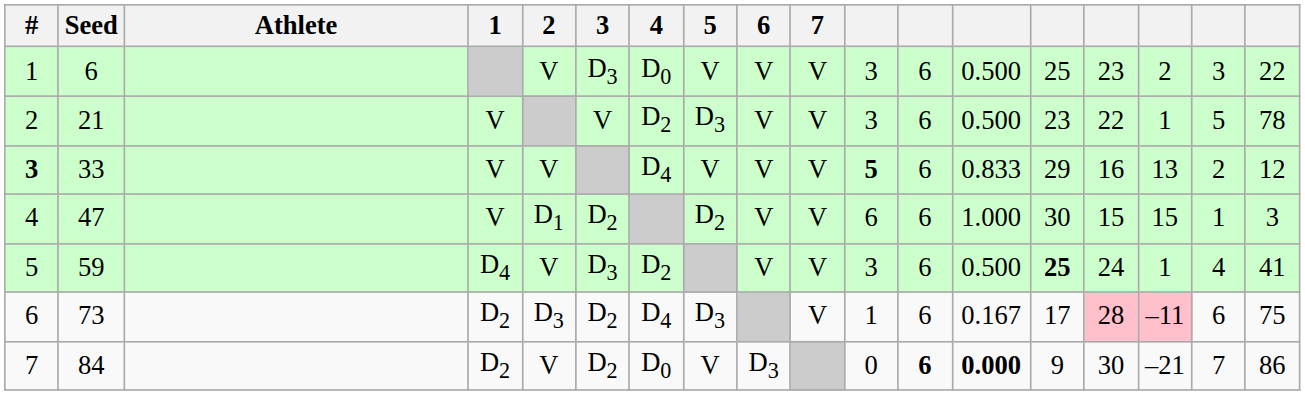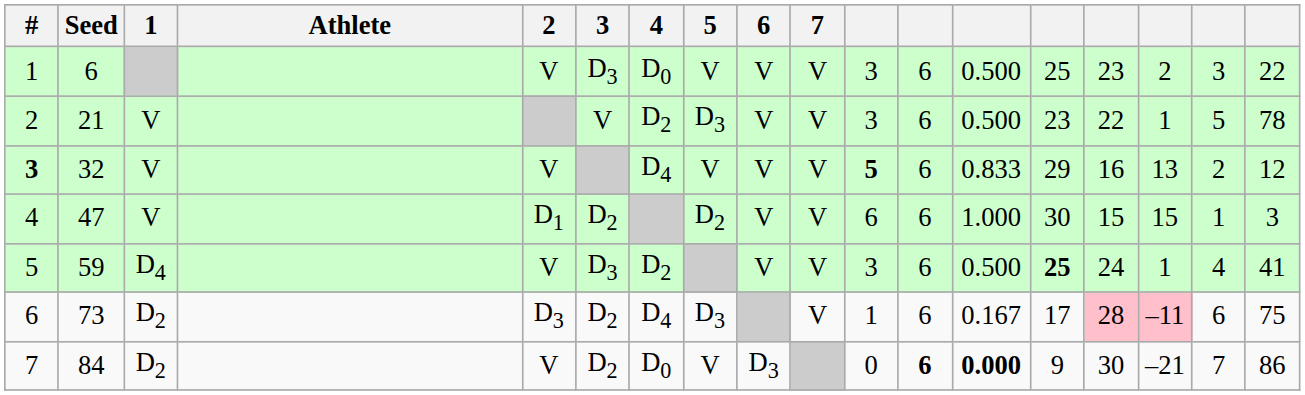 <table class="wikitable" style="text-align:center">
 <tr>
 <th width="25">#</th>
 <th width="25">Seed</th>
+<th width="25">1</th>
 <th width="200">Athlete</th>
-<th width="25">1</th>
 <th width="25">2</th>
 <th width="25">3</th>
 <th width="25">4</th>
 <th width="25">5</th>
 <th width="25">6</th>
 <th width="25">7</th>
 <th width="25"></th>
 <th width="25"></th>
 <th width="40"></th>
 <th width="25"></th>
 <th width="25"></th>
 <th width="25"></th>
 <th width="25"></th>
 <th width="25"></th>
 </tr>
 <tr bgcolor="#ccffcc">
 <td>1</td>
 <td>6</td>
+<td bgcolor="#cccccc"></td>
 <td align=left></td>
-<td bgcolor="#cccccc"></td>
 <td>V</td>
 <td>D<sub>3</sub></td>
 <td>D<sub>0</sub></td>
 <td>V</td>
 <td>V</td>
 <td>V</td>
 <td>3</td>
 <td>6</td>
 <td>0.500</td>
 <td>25</td>
 <td>23</td>
 <td>2</td>
 <td>3</td>
 <td>22</td>
 </tr>
 <tr bgcolor="#ccffcc">
 <td>2</td>
 <td>21</td>
+<td>V</td>
 <td align=left></td>
-<td>V</td>
 <td bgcolor="#cccccc"></td>
 <td>V</td>
 <td>D<sub>2</sub></td>
 <td>D<sub>3</sub></td>
 <td>V</td>
 <td>V</td>
 <td>3</td>
 <td>6</td>
 <td>0.500</td>
 <td>23</td>
 <td>22</td>
 <td>1</td>
 <td>5</td>
 <td>78</td>
 </tr>
 <tr bgcolor="#ccffcc">
 <td><strong>3</strong></td>
-<td>33</td>
+<td>32</td>
+<td>V</td>
 <td align=left></td>
-<td>V</td>
 <td>V</td>
 <td bgcolor="#cccccc"></td>
 <td>D<sub>4</sub></td>
 <td>V</td>
 <td>V</td>
 <td>V</td>
 <td><strong>5</strong></td>
 <td>6</td>
 <td>0.833</td>
 <td>29</td>
 <td>16</td>
 <td>13</td>
 <td>2</td>
 <td>12</td>
 </tr>
 <tr bgcolor="#ccffcc">
 <td>4</td>
 <td>47</td>
+<td>V</td>
 <td align=left></td>
-<td>V</td>
 <td>D<sub>1</sub></td>
 <td>D<sub>2</sub></td>
 <td bgcolor="#cccccc"></td>
 <td>D<sub>2</sub></td>
 <td>V</td>
 <td>V</td>
 <td>6</td>
 <td>6</td>
 <td>1.000</td>
 <td>30</td>
 <td>15</td>
 <td>15</td>
 <td>1</td>
 <td>3</td>
 </tr>
 <tr bgcolor="#ccffcc">
 <td>5</td>
 <td>59</td>
+<td>D<sub>4</sub></td>
 <td align=left></td>
-<td>D<sub>4</sub></td>
 <td>V</td>
 <td>D<sub>3</sub></td>
 <td>D<sub>2</sub></td>
 <td bgcolor="#cccccc"></td>
 <td>V</td>
 <td>V</td>
 <td>3</td>
 <td>6</td>
 <td>0.500</td>
 <td><strong>25</strong></td>
 <td>24</td>
 <td>1</td>
 <td>4</td>
 <td>41</td>
 </tr>
 <tr>
 <td>6</td>
 <td>73</td>
+<td>D<sub>2</sub></td>
 <td align=left></td>
-<td>D<sub>2</sub></td>
 <td>D<sub>3</sub></td>
 <td>D<sub>2</sub></td>
 <td>D<sub>4</sub></td>
 <td>D<sub>3</sub></td>
 <td bgcolor="#cccccc"></td>
 <td>V</td>
 <td>1</td>
 <td>6</td>
 <td>0.167</td>
 <td>17</td>
 <td style="background: pink;">28</td>
 <td style="background: pink;">–11</td>
 <td>6</td>
 <td>75</td>
 </tr>
 <tr>
 <td>7</td>
 <td>84</td>
+<td>D<sub>2</sub></td>
 <td align=left></td>
-<td>D<sub>2</sub></td>
 <td>V</td>
 <td>D<sub>2</sub></td>
 <td>D<sub>0</sub></td>
 <td>V</td>
 <td>D<sub>3</sub></td>
 <td bgcolor="#cccccc"></td>
 <td>0</td>
 <td><strong>6</strong></td>
 <td><strong>0.000</strong></td>
 <td>9</td>
 <td>30</td>
 <td>–21</td>
 <td>7</td>
 <td>86</td>
 </tr>
 </table>
